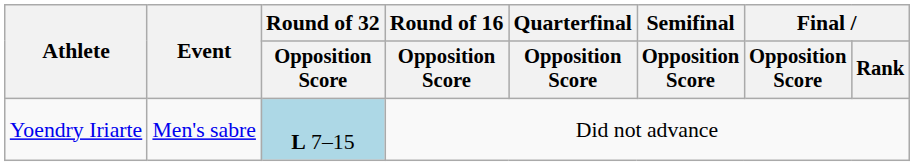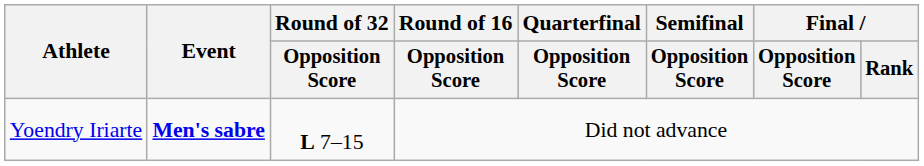 <table class="wikitable" style="font-size:90%">
 <tr>
 <th rowspan=2>Athlete</th>
 <th rowspan=2>Event</th>
 <th>Round of 32</th>
 <th>Round of 16</th>
 <th>Quarterfinal</th>
 <th>Semifinal</th>
 <th colspan=2>Final / </th>
 </tr>
 <tr style="font-size:95%">
 <th>Opposition<br>Score</th>
 <th>Opposition<br>Score</th>
 <th>Opposition<br>Score</th>
 <th>Opposition<br>Score</th>
 <th>Opposition<br>Score</th>
 <th>Rank</th>
 </tr>
 <tr align=center>
 <td align=left><a href='#'>Yoendry Iriarte</a></td>
-<td align=left><a href='#'>Men's sabre</a></td>
-<td style="background: lightblue;"><br><strong>L</strong> 7–15</td>
+<td align=left><strong><a href='#'>Men's sabre</a></strong></td>
+<td><br><strong>L</strong> 7–15</td>
 <td colspan=5>Did not advance</td>
 </tr>
 </table>
